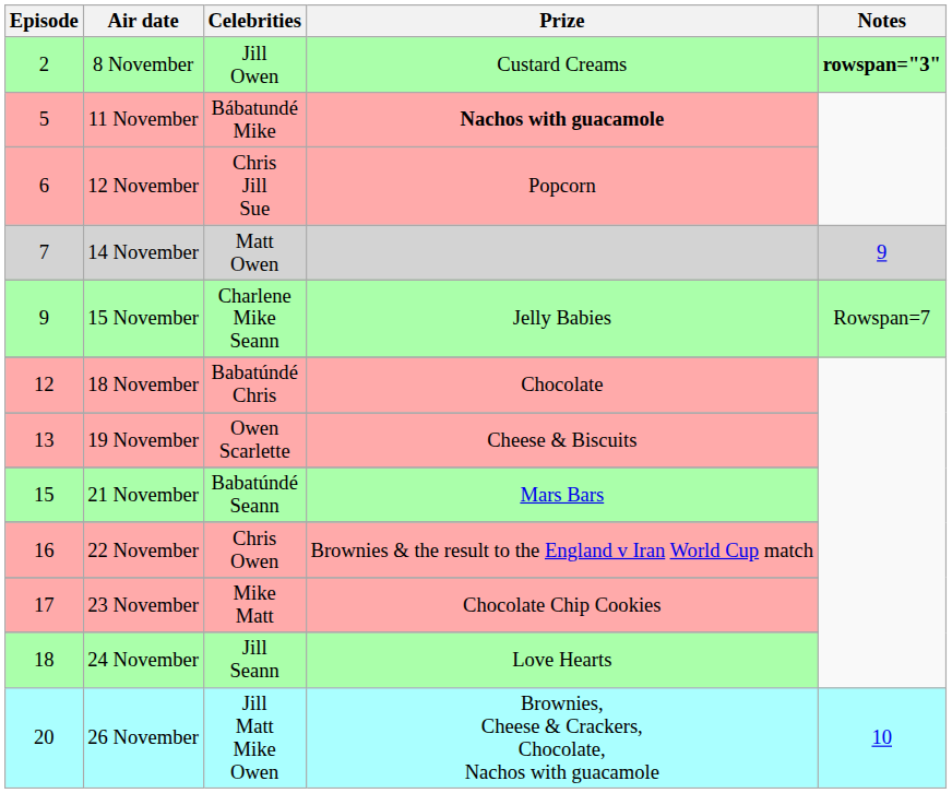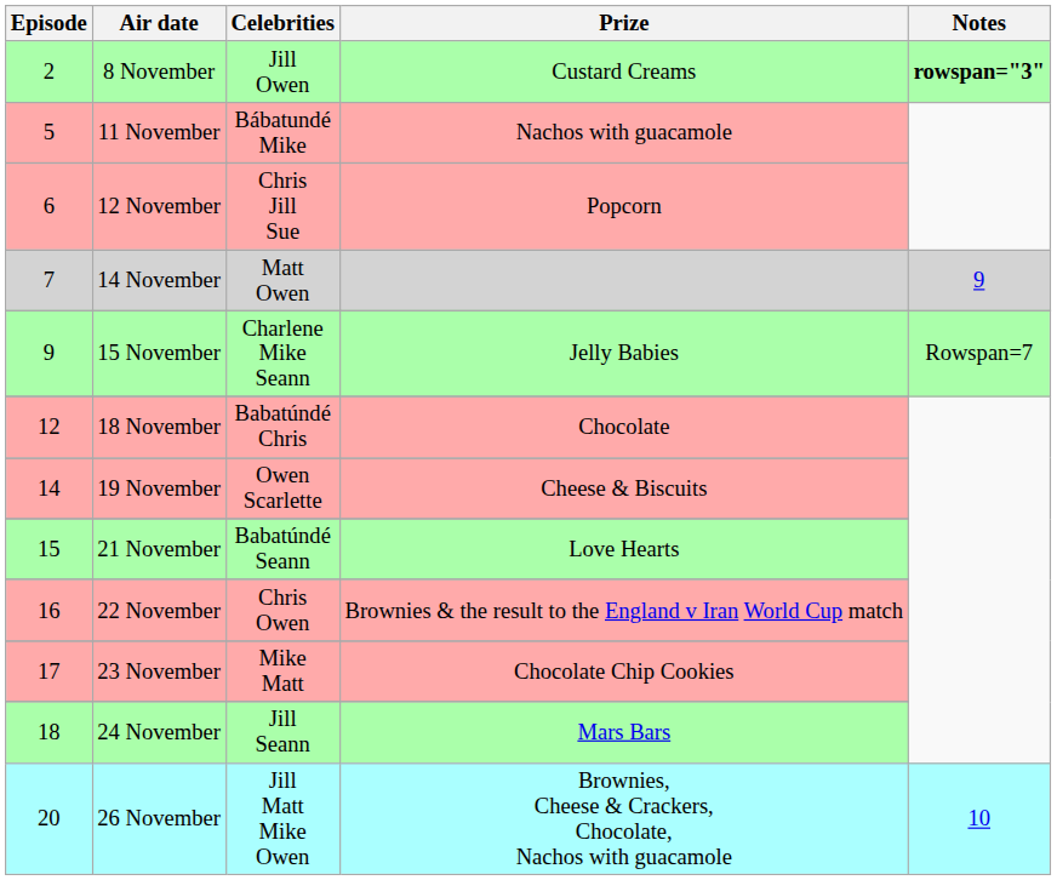 <table class=wikitable style="text-align:center">
 <tr>
 <th>Episode</th>
 <th>Air date</th>
 <th>Celebrities</th>
 <th>Prize</th>
 <th>Notes</th>
 </tr>
 <tr style="background:#aaffaa;">
 <td>2</td>
 <td>8 November</td>
 <td>Jill<br>Owen</td>
 <td>Custard Creams</td>
 <td><strong>rowspan="3" </strong></td>
 </tr>
 <tr style="background:#ffaaaa;">
 <td>5</td>
 <td>11 November</td>
 <td>Bábatundé<br>Mike</td>
-<td><strong>Nachos with guacamole</strong></td>
+<td>Nachos with guacamole</td>
 </tr>
 <tr>
 </tr>
 <tr style="background:#ffaaaa;">
 <td>6</td>
 <td>12 November</td>
 <td>Chris<br>Jill<br>Sue</td>
 <td>Popcorn</td>
 </tr>
 <tr>
 </tr>
 <tr style="background:lightgrey;">
 <td>7</td>
 <td>14 November</td>
 <td>Matt<br>Owen</td>
 <td></td>
 <td><a href='#'>9</a></td>
 </tr>
 <tr>
 </tr>
 <tr style="background:#aaffaa;">
 <td>9</td>
 <td>15 November</td>
 <td>Charlene<br>Mike<br>Seann</td>
 <td>Jelly Babies</td>
 <td>Rowspan=7</td>
 </tr>
 <tr>
 </tr>
 <tr style="background:#ffaaaa;">
 <td>12</td>
 <td>18 November</td>
 <td>Babatúndé<br>Chris</td>
 <td>Chocolate</td>
 </tr>
 <tr>
 </tr>
 <tr style="background:#ffaaaa;">
-<td>13</td>
+<td>14</td>
 <td>19 November</td>
 <td>Owen<br>Scarlette</td>
 <td>Cheese & Biscuits</td>
 </tr>
 <tr>
 </tr>
 <tr style="background:#aaffaa;">
 <td>15</td>
 <td>21 November</td>
 <td>Babatúndé<br>Seann</td>
-<td><a href='#'>Mars Bars</a></td>
+<td>Love Hearts</td>
 </tr>
 <tr>
 </tr>
 <tr style="background:#ffaaaa;">
 <td>16</td>
 <td>22 November</td>
 <td>Chris<br>Owen</td>
 <td>Brownies & the result to the <a href='#'>England v Iran</a> <a href='#'>World Cup</a> match</td>
 </tr>
 <tr>
 </tr>
 <tr style="background:#ffaaaa;">
 <td>17</td>
 <td>23 November</td>
 <td>Mike<br>Matt</td>
 <td>Chocolate Chip Cookies</td>
 </tr>
 <tr>
 </tr>
 <tr style="background:#aaffaa;">
 <td>18</td>
 <td>24 November</td>
 <td>Jill<br>Seann</td>
-<td>Love Hearts</td>
+<td><a href='#'>Mars Bars</a></td>
 </tr>
 <tr style="background:#aaffff;">
 <td>20</td>
 <td>26 November</td>
 <td>Jill<br>Matt<br>Mike<br>Owen</td>
 <td>Brownies,<br>Cheese & Crackers,<br>Chocolate,<br>Nachos with guacamole</td>
 <td><a href='#'>10</a></td>
 </tr>
 </table>
